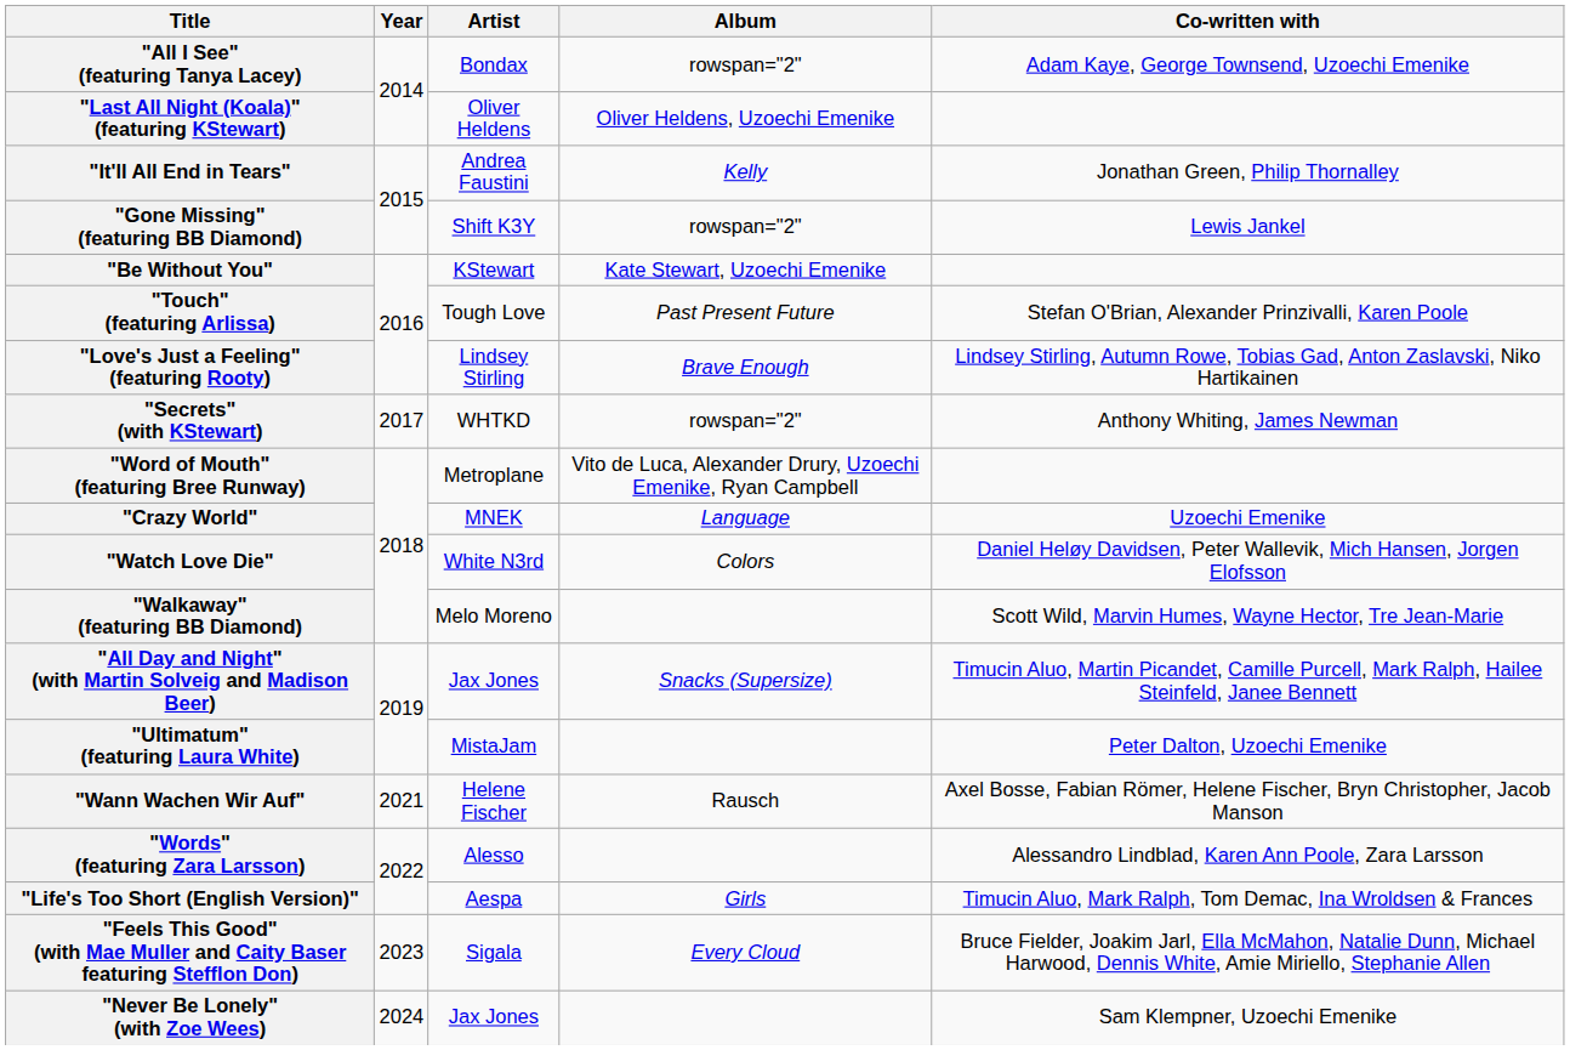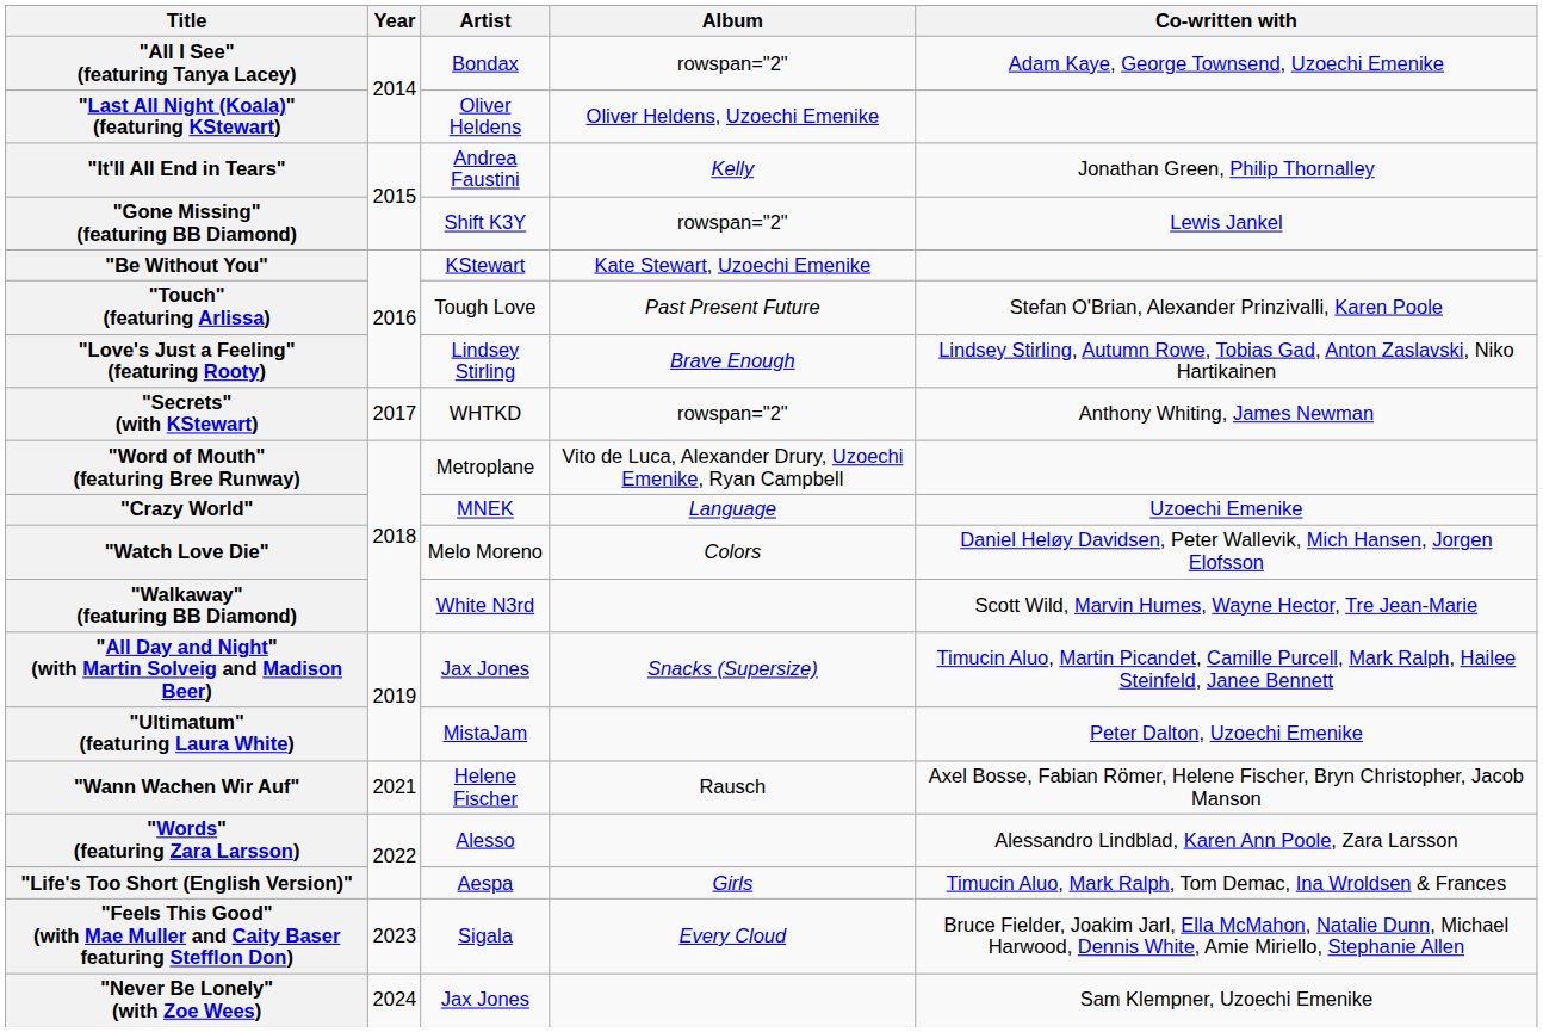 <table class="wikitable plainrowheaders" style="text-align:center;">
 <tr>
 <th scope="col" style="width:18em;">Title</th>
 <th scope="col" style="width:1em;">Year</th>
 <th scope="col">Artist</th>
 <th scope="col">Album</th>
 <th scope="col">Co-written with</th>
 </tr>
 <tr>
 <th scope="row">"All I See"<br><span>(featuring Tanya Lacey)</span></th>
 <td rowspan="2">2014</td>
 <td><a href='#'>Bondax</a></td>
 <td>rowspan="2" </td>
 <td><a href='#'>Adam Kaye</a>, <a href='#'>George Townsend</a>, <a href='#'>Uzoechi Emenike</a></td>
 </tr>
 <tr>
 <th scope="row">"<a href='#'>Last All Night (Koala)</a>"<br><span>(featuring <a href='#'>KStewart</a>)</span></th>
 <td><a href='#'>Oliver Heldens</a></td>
 <td><a href='#'>Oliver Heldens</a>, <a href='#'>Uzoechi Emenike</a></td>
 </tr>
 <tr>
 <th scope="row">"It'll All End in Tears"</th>
 <td rowspan="2">2015</td>
 <td><a href='#'>Andrea Faustini</a></td>
 <td><em><a href='#'>Kelly</a></em></td>
 <td>Jonathan Green, <a href='#'>Philip Thornalley</a></td>
 </tr>
 <tr>
 <th scope="row">"Gone Missing"<br><span>(featuring BB Diamond)</span></th>
 <td><a href='#'>Shift K3Y</a></td>
 <td>rowspan="2" </td>
 <td><a href='#'>Lewis Jankel</a></td>
 </tr>
 <tr>
 <th scope="row">"Be Without You"</th>
 <td rowspan="3">2016</td>
 <td><a href='#'>KStewart</a></td>
 <td><a href='#'>Kate Stewart</a>, <a href='#'>Uzoechi Emenike</a></td>
 </tr>
 <tr>
 <th scope="row">"Touch"<br><span>(featuring <a href='#'>Arlissa</a>)</span></th>
 <td>Tough Love</td>
 <td><em>Past Present Future</em></td>
 <td>Stefan O'Brian, Alexander Prinzivalli, <a href='#'>Karen Poole</a></td>
 </tr>
 <tr>
 <th scope="row">"Love's Just a Feeling"<br><span>(featuring <a href='#'>Rooty</a>)</span></th>
 <td><a href='#'>Lindsey Stirling</a></td>
 <td><em><a href='#'>Brave Enough</a></em></td>
 <td><a href='#'>Lindsey Stirling</a>, <a href='#'>Autumn Rowe</a>, <a href='#'>Tobias Gad</a>, <a href='#'>Anton Zaslavski</a>, Niko Hartikainen</td>
 </tr>
 <tr>
 <th scope="row">"Secrets"<br><span>(with <a href='#'>KStewart</a>)</span></th>
 <td>2017</td>
 <td>WHTKD</td>
 <td>rowspan="2" </td>
 <td>Anthony Whiting, <a href='#'>James Newman</a></td>
 </tr>
 <tr>
 <th scope="row">"Word of Mouth"<br><span>(featuring Bree Runway)</span></th>
 <td rowspan="4">2018</td>
 <td>Metroplane</td>
 <td>Vito de Luca, Alexander Drury, <a href='#'>Uzoechi Emenike</a>, Ryan Campbell</td>
 </tr>
 <tr>
 <th scope="row">"Crazy World"</th>
 <td><a href='#'>MNEK</a></td>
 <td><em><a href='#'>Language</a></em></td>
 <td><a href='#'>Uzoechi Emenike</a></td>
 </tr>
 <tr>
 <th scope="row">"Watch Love Die"</th>
-<td><a href='#'>White N3rd</a></td>
+<td>Melo Moreno</td>
 <td><em>Colors</em></td>
 <td><a href='#'>Daniel Heløy Davidsen</a>, Peter Wallevik, <a href='#'>Mich Hansen</a>, <a href='#'>Jorgen Elofsson</a></td>
 </tr>
 <tr>
 <th scope="row">"Walkaway"<br><span>(featuring BB Diamond)</span></th>
-<td>Melo Moreno</td>
+<td><a href='#'>White N3rd</a></td>
 <td></td>
 <td>Scott Wild, <a href='#'>Marvin Humes</a>, <a href='#'>Wayne Hector</a>, <a href='#'>Tre Jean-Marie</a></td>
 </tr>
 <tr>
 <th scope="row">"<a href='#'>All Day and Night</a>"<br><span>(with <a href='#'>Martin Solveig</a> and <a href='#'>Madison Beer</a>)</span></th>
 <td rowspan="2">2019</td>
 <td><a href='#'>Jax Jones</a></td>
 <td><em><a href='#'>Snacks (Supersize)</a></em></td>
 <td><a href='#'>Timucin Aluo</a>, <a href='#'>Martin Picandet</a>, <a href='#'>Camille Purcell</a>, <a href='#'>Mark Ralph</a>, <a href='#'>Hailee Steinfeld</a>, <a href='#'>Janee Bennett</a></td>
 </tr>
 <tr>
 <th scope="row">"Ultimatum"<br><span>(featuring <a href='#'>Laura White</a>)</span></th>
 <td><a href='#'>MistaJam</a></td>
 <td></td>
 <td><a href='#'>Peter Dalton</a>, <a href='#'>Uzoechi Emenike</a></td>
 </tr>
 <tr>
 <th scope="row">"Wann Wachen Wir Auf"</th>
 <td>2021</td>
 <td><a href='#'>Helene Fischer</a></td>
 <td>Rausch</td>
 <td>Axel Bosse, Fabian Römer, Helene Fischer, Bryn Christopher, Jacob Manson</td>
 </tr>
 <tr>
 <th scope="row">"<a href='#'>Words</a>"<br><span>(featuring <a href='#'>Zara Larsson</a>)</span></th>
 <td rowspan="2">2022</td>
 <td><a href='#'>Alesso</a></td>
 <td></td>
 <td>Alessandro Lindblad, <a href='#'>Karen Ann Poole</a>, Zara Larsson</td>
 </tr>
 <tr>
 <th scope="row">"Life's Too Short (English Version)"</th>
 <td><a href='#'>Aespa</a></td>
 <td><em><a href='#'>Girls</a></em></td>
 <td><a href='#'>Timucin Aluo</a>, <a href='#'>Mark Ralph</a>, Tom Demac, <a href='#'>Ina Wroldsen</a> & Frances</td>
 </tr>
 <tr>
 <th scope="row">"Feels This Good"<br><span>(with <a href='#'>Mae Muller</a> and <a href='#'>Caity Baser</a> featuring <a href='#'>Stefflon Don</a>)</span></th>
 <td>2023</td>
 <td><a href='#'>Sigala</a></td>
 <td><em><a href='#'>Every Cloud</a></em></td>
 <td>Bruce Fielder, Joakim Jarl, <a href='#'>Ella McMahon</a>, <a href='#'>Natalie Dunn</a>, Michael Harwood, <a href='#'>Dennis White</a>, Amie Miriello, <a href='#'>Stephanie Allen</a></td>
 </tr>
 <tr>
 <th scope="row">"Never Be Lonely"<br><span>(with <a href='#'>Zoe Wees</a>)</span></th>
 <td>2024</td>
 <td><a href='#'>Jax Jones</a></td>
 <td></td>
 <td>Sam Klempner, Uzoechi Emenike</td>
 </tr>
 </table>
